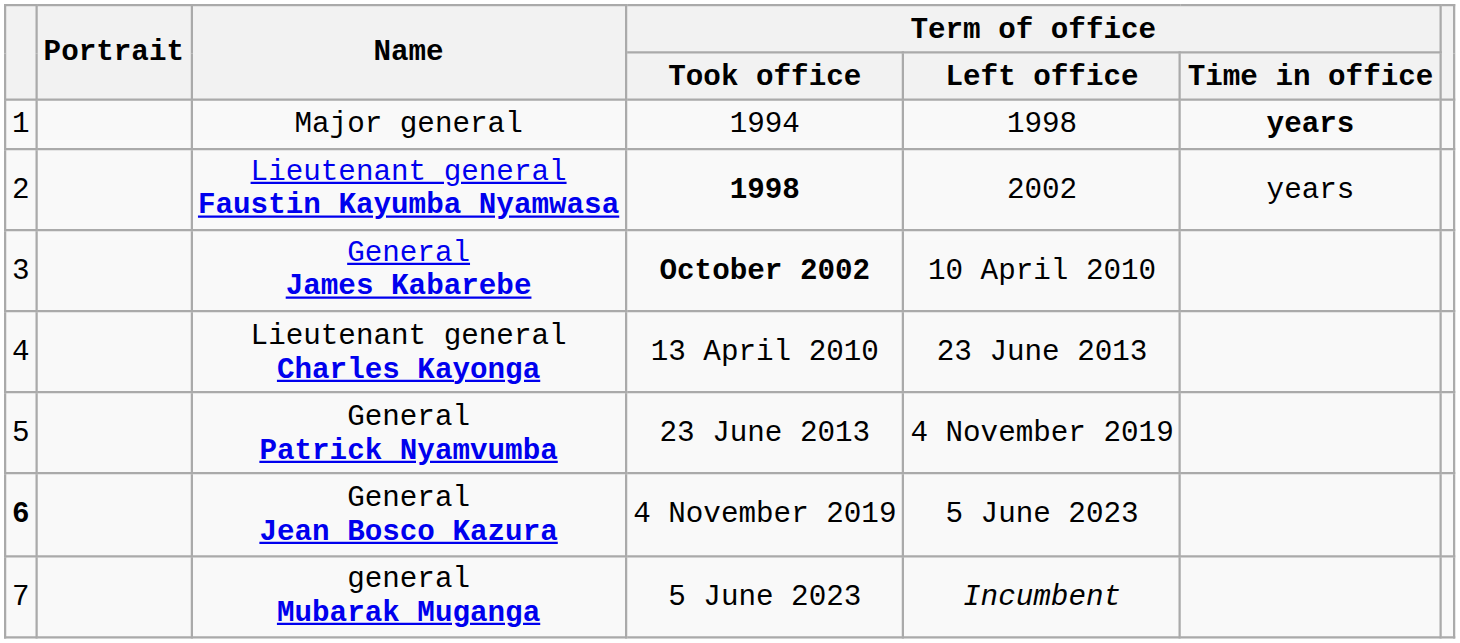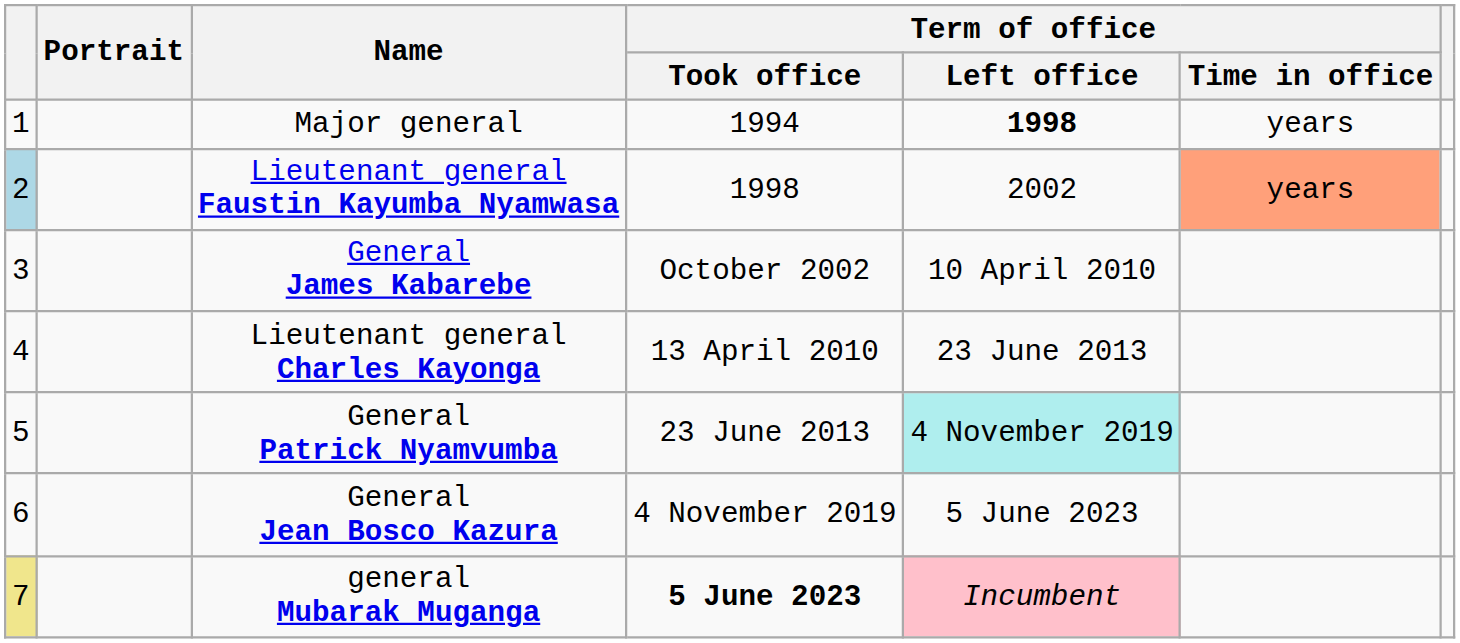 <table class="wikitable" style="text-align:center">
 <tr>
 <th rowspan="2"></th>
 <th rowspan="2">Portrait</th>
 <th rowspan="2">Name<br></th>
 <th colspan="3">Term of office</th>
 <th rowspan="2"></th>
 </tr>
 <tr>
 <th>Took office</th>
 <th>Left office</th>
 <th>Time in office</th>
 </tr>
 <tr>
 <td>1</td>
 <td></td>
 <td>Major general<br><strong></strong></td>
 <td>1994</td>
-<td>1998</td>
-<td><strong> years</strong></td>
+<td><strong>1998</strong></td>
+<td> years</td>
 <td></td>
 </tr>
 <tr>
-<td>2</td>
+<td style="background: lightblue;">2</td>
 <td></td>
 <td><a href='#'>Lieutenant general</a><br><strong><a href='#'>Faustin Kayumba Nyamwasa</a></strong><br></td>
-<td><strong>1998</strong></td>
+<td>1998</td>
 <td>2002</td>
-<td> years</td>
+<td style="background: lightsalmon;"> years</td>
 <td></td>
 </tr>
 <tr>
 <td>3</td>
 <td></td>
 <td><a href='#'>General</a><br><strong><a href='#'>James Kabarebe</a></strong><br></td>
-<td><strong>October 2002</strong></td>
+<td>October 2002</td>
 <td>10 April 2010</td>
 <td></td>
 <td></td>
 </tr>
 <tr>
 <td>4</td>
 <td></td>
 <td>Lieutenant general<br><strong><a href='#'>Charles Kayonga</a></strong><br></td>
 <td>13 April 2010</td>
 <td>23 June 2013</td>
 <td></td>
 <td></td>
 </tr>
 <tr>
 <td>5</td>
 <td></td>
 <td>General<br><strong><a href='#'>Patrick Nyamvumba</a></strong><br></td>
 <td>23 June 2013</td>
-<td>4 November 2019</td>
+<td style="background: paleturquoise;">4 November 2019</td>
 <td></td>
 <td></td>
 </tr>
 <tr>
-<td><strong>6</strong></td>
+<td>6</td>
 <td></td>
 <td>General<br><strong><a href='#'>Jean Bosco Kazura</a></strong></td>
 <td>4 November 2019</td>
 <td>5 June 2023</td>
 <td></td>
 <td></td>
 </tr>
 <tr>
-<td>7</td>
+<td style="background: khaki;">7</td>
 <td></td>
 <td>general<br><strong><a href='#'>Mubarak Muganga</a></strong><br> </td>
-<td>5 June 2023</td>
-<td><em>Incumbent</em></td>
+<td><strong>5 June 2023</strong></td>
+<td style="background: pink;"><em>Incumbent</em></td>
 <td></td>
 <td></td>
 </tr>
 </table>
